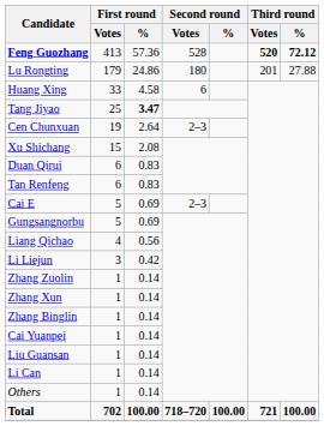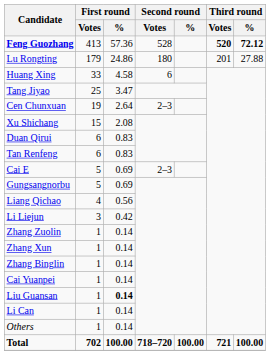 <table class=wikitable style=text-align:right>
 <tr>
 <th rowspan=2>Candidate</th>
 <th colspan=2>First round</th>
 <th colspan=2>Second round</th>
 <th colspan=3>Third round</th>
 </tr>
 <tr>
 <th>Votes</th>
 <th>%</th>
 <th>Votes</th>
 <th>%</th>
 <th>Votes</th>
 <th>%</th>
 </tr>
 <tr>
 <td align=left><strong><a href='#'>Feng Guozhang</a></strong></td>
 <td>413</td>
 <td>57.36</td>
 <td>528</td>
 <td></td>
 <td><strong>520</strong></td>
 <td><strong>72.12</strong></td>
 </tr>
 <tr>
 <td align=left><a href='#'>Lu Rongting</a></td>
 <td>179</td>
 <td>24.86</td>
 <td>180</td>
 <td></td>
 <td>201</td>
 <td>27.88</td>
 </tr>
 <tr>
 <td align=left><a href='#'>Huang Xing</a></td>
 <td>33</td>
 <td>4.58</td>
 <td>6</td>
 <td></td>
 <td colspan=2 rowspan=17></td>
 </tr>
 <tr>
 <td align=left><a href='#'>Tang Jiyao</a></td>
 <td>25</td>
-<td><strong>3.47</strong></td>
+<td>3.47</td>
 <td colspan=2></td>
 </tr>
 <tr>
 <td align=left><a href='#'>Cen Chunxuan</a></td>
 <td>19</td>
 <td>2.64</td>
 <td>2–3</td>
 <td></td>
 </tr>
 <tr>
 <td align=left><a href='#'>Xu Shichang</a></td>
 <td>15</td>
 <td>2.08</td>
 <td rowspan=3 colspan=2></td>
 </tr>
 <tr>
 <td align=left><a href='#'>Duan Qirui</a></td>
 <td>6</td>
 <td>0.83</td>
 </tr>
 <tr>
 <td align=left><a href='#'>Tan Renfeng</a></td>
 <td>6</td>
 <td>0.83</td>
 </tr>
 <tr>
 <td align=left><a href='#'>Cai E</a></td>
 <td>5</td>
 <td>0.69</td>
 <td>2–3</td>
 <td></td>
 </tr>
 <tr>
 <td align=left><a href='#'>Gungsangnorbu</a></td>
 <td>5</td>
 <td>0.69</td>
 <td rowspan=10 colspan=2></td>
 </tr>
 <tr>
 <td align=left><a href='#'>Liang Qichao</a></td>
 <td>4</td>
 <td>0.56</td>
 </tr>
 <tr>
 <td align=left><a href='#'>Li Liejun</a></td>
 <td>3</td>
 <td>0.42</td>
 </tr>
 <tr>
 <td align=left><a href='#'>Zhang Zuolin</a></td>
 <td>1</td>
 <td>0.14</td>
 </tr>
 <tr>
 <td align=left><a href='#'>Zhang Xun</a></td>
 <td>1</td>
 <td>0.14</td>
 </tr>
 <tr>
 <td align=left><a href='#'>Zhang Binglin</a></td>
 <td>1</td>
 <td>0.14</td>
 </tr>
 <tr>
 <td align=left><a href='#'>Cai Yuanpei</a></td>
 <td>1</td>
 <td>0.14</td>
 </tr>
 <tr>
 <td align=left><a href='#'>Liu Guansan</a></td>
 <td>1</td>
-<td>0.14</td>
+<td><strong>0.14</strong></td>
 </tr>
 <tr>
 <td align=left><a href='#'>Li Can</a></td>
 <td>1</td>
 <td>0.14</td>
 </tr>
 <tr>
 <td align=left><em>Others</em></td>
 <td>1</td>
 <td>0.14</td>
 </tr>
 <tr style=font-weight:bold>
 <td align=left>Total</td>
 <td>702</td>
 <td>100.00</td>
 <td>718–720</td>
 <td>100.00</td>
 <td>721</td>
 <td>100.00</td>
 </tr>
 <tr>
 </tr>
 </table>
